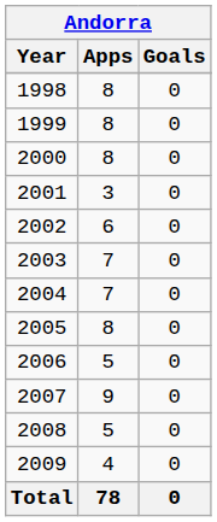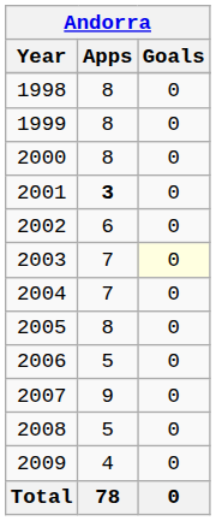 <table class="wikitable" style="text-align:center">
 <tr>
 <th colspan=3><a href='#'>Andorra</a></th>
 </tr>
 <tr>
 <th>Year</th>
 <th>Apps</th>
 <th>Goals</th>
 </tr>
 <tr>
 </tr>
 <tr>
 <td>1998</td>
 <td>8</td>
 <td>0</td>
 </tr>
 <tr>
 <td>1999</td>
 <td>8</td>
 <td>0</td>
 </tr>
 <tr>
 <td>2000</td>
 <td>8</td>
 <td>0</td>
 </tr>
 <tr>
 <td>2001</td>
-<td>3</td>
+<td><strong>3</strong></td>
 <td>0</td>
 </tr>
 <tr>
 <td>2002</td>
 <td>6</td>
 <td>0</td>
 </tr>
 <tr>
 <td>2003</td>
 <td>7</td>
-<td>0</td>
+<td style="background: lightyellow;">0</td>
 </tr>
 <tr>
 <td>2004</td>
 <td>7</td>
 <td>0</td>
 </tr>
 <tr>
 <td>2005</td>
 <td>8</td>
 <td>0</td>
 </tr>
 <tr>
 <td>2006</td>
 <td>5</td>
 <td>0</td>
 </tr>
 <tr>
 <td>2007</td>
 <td>9</td>
 <td>0</td>
 </tr>
 <tr>
 <td>2008</td>
 <td>5</td>
 <td>0</td>
 </tr>
 <tr>
 <td>2009</td>
 <td>4</td>
 <td>0</td>
 </tr>
 <tr>
 <th>Total</th>
 <th>78</th>
 <th>0</th>
 </tr>
 </table>
